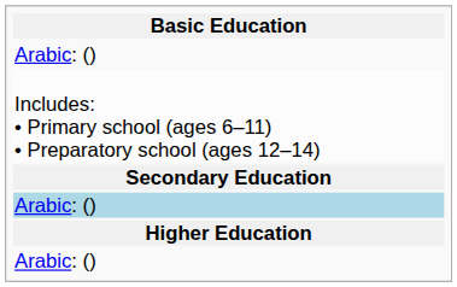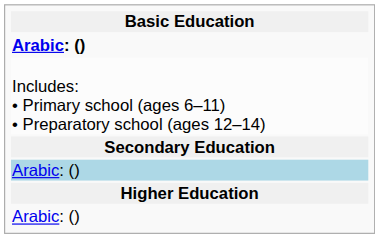 <table class="infobox" style="width:320px; font-size:90%; float:right; margin:1em 0 1em 1em;">
 <tr>
 <th style="background:#f0f0f0; text-align:center;" colspan="2">Basic Education</th>
 </tr>
 <tr>
-<td><a href='#'>Arabic</a>:  ()</td>
+<td><strong><a href='#'>Arabic</a>:  ()</strong></td>
 </tr>
 <tr>
 <td style="background:#fcfcfc;"><br><span>Includes:</span><br> • Primary school (ages 6–11)<br> • Preparatory school (ages 12–14)</td>
 </tr>
 <tr>
 <th style="background:#f0f0f0; text-align:center;" colspan="2">Secondary Education</th>
 </tr>
 <tr>
 <td style="background: lightblue;"><a href='#'>Arabic</a>:  ()</td>
 </tr>
 <tr>
 <th style="background:#f0f0f0; text-align:center;" colspan="2">Higher Education</th>
 </tr>
 <tr>
 <td><a href='#'>Arabic</a>:  ()</td>
 </tr>
 </table>
